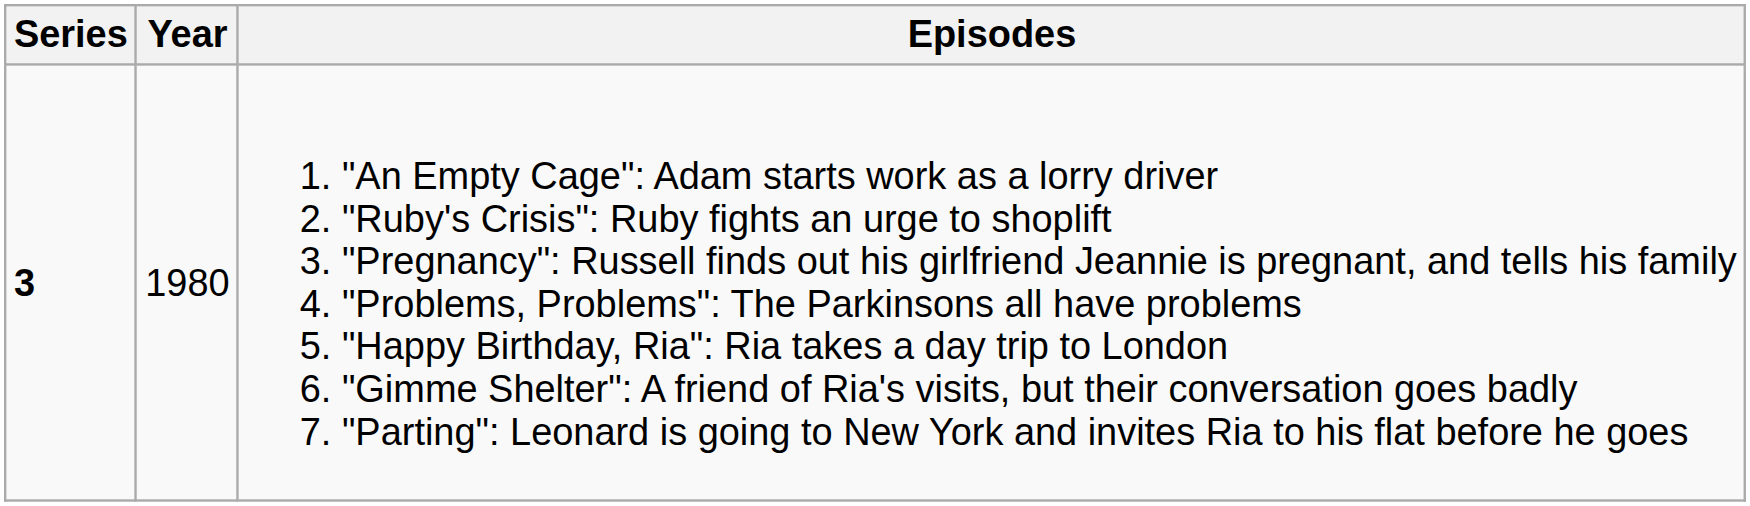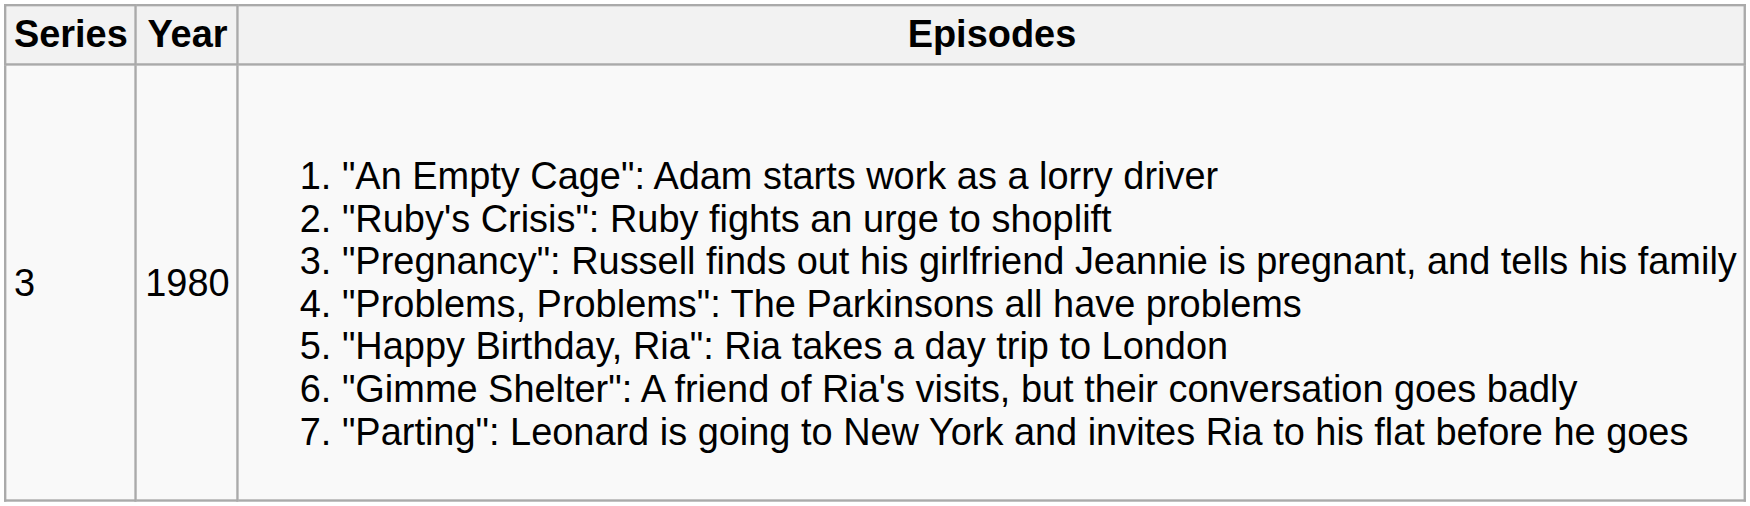 <table class=wikitable>
 <tr>
 <th>Series</th>
 <th>Year</th>
 <th>Episodes</th>
 </tr>
 <tr>
-<td><strong>3</strong></td>
+<td>3</td>
 <td>1980</td>
 <td><br><ol><li>"An Empty Cage": Adam starts work as a lorry driver</li><li>"Ruby's Crisis": Ruby fights an urge to shoplift</li><li>"Pregnancy": Russell finds out his girlfriend Jeannie is pregnant, and tells his family</li><li>"Problems, Problems": The Parkinsons all have problems</li><li>"Happy Birthday, Ria": Ria takes a day trip to London</li><li>"Gimme Shelter": A friend of Ria's visits, but their conversation goes badly</li><li>"Parting": Leonard is going to New York and invites Ria to his flat before he goes</li></ol></td>
 </tr>
 </table>
